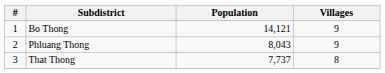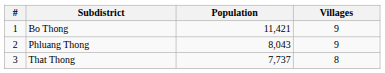 <table class="wikitable" style="width:48%; display:inline-table;">
 <tr>
 <th>#</th>
 <th>Subdistrict</th>
 <th>Population</th>
 <th>Villages</th>
 </tr>
 <tr>
 <td style="text-align:center;">1</td>
 <td>Bo Thong</td>
-<td style="text-align:right;">14,121</td>
+<td style="text-align:right;">11,421</td>
 <td style="text-align:center;">9</td>
 </tr>
 <tr>
 <td style="text-align:center;">2</td>
 <td>Phluang Thong</td>
 <td style="text-align:right;">8,043</td>
 <td style="text-align:center;">9</td>
 </tr>
 <tr>
 <td style="text-align:center;">3</td>
 <td>That Thong</td>
 <td style="text-align:right;">7,737</td>
 <td style="text-align:center;">8</td>
 </tr>
 </table>
